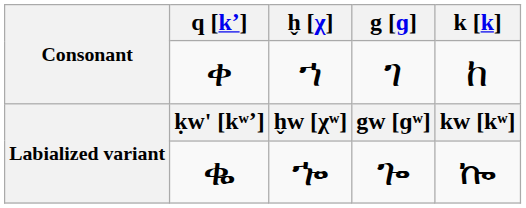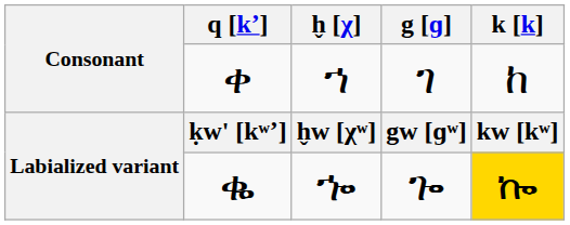 <table class="wikitable" style="text-align:center">
 <tr>
 <th rowspan="2">Consonant</th>
 <th><big>q [<a href='#'>kʼ</a>]</big></th>
 <th><big>h̬ [<a href='#'>χ</a>]</big></th>
 <th><big>g [<a href='#'>ɡ</a>]</big></th>
 <th><big>k [<a href='#'>k</a>]</big></th>
 </tr>
 <tr style="font-size:2em">
 <td>ቀ</td>
 <td>ኀ</td>
 <td>ገ</td>
 <td>ከ</td>
 </tr>
 <tr>
 <th rowspan="2">Labialized variant</th>
 <th><big>ḳw' [kʷʼ]</big></th>
 <th><big>h̬w [χʷ]</big></th>
 <th><big>gw [ɡʷ]</big></th>
 <th><big>kw [kʷ]</big></th>
 </tr>
 <tr style="font-size:2em">
 <td>ቈ</td>
 <td>ኈ</td>
 <td>ጐ</td>
-<td>ኰ</td>
+<td style="background: gold;">ኰ</td>
 </tr>
 </table>
